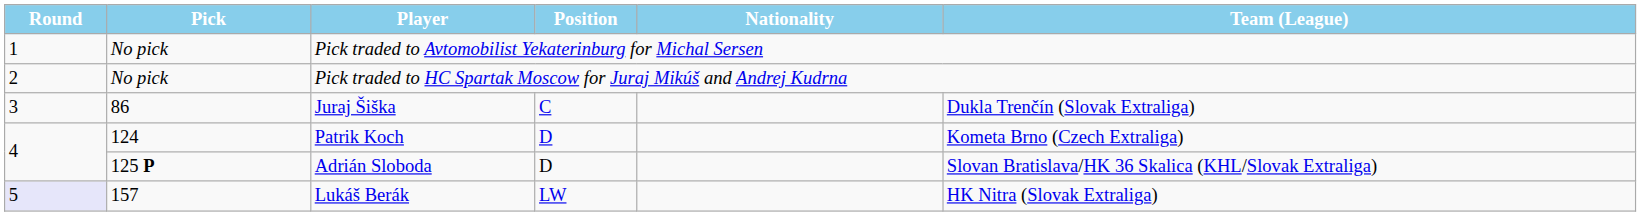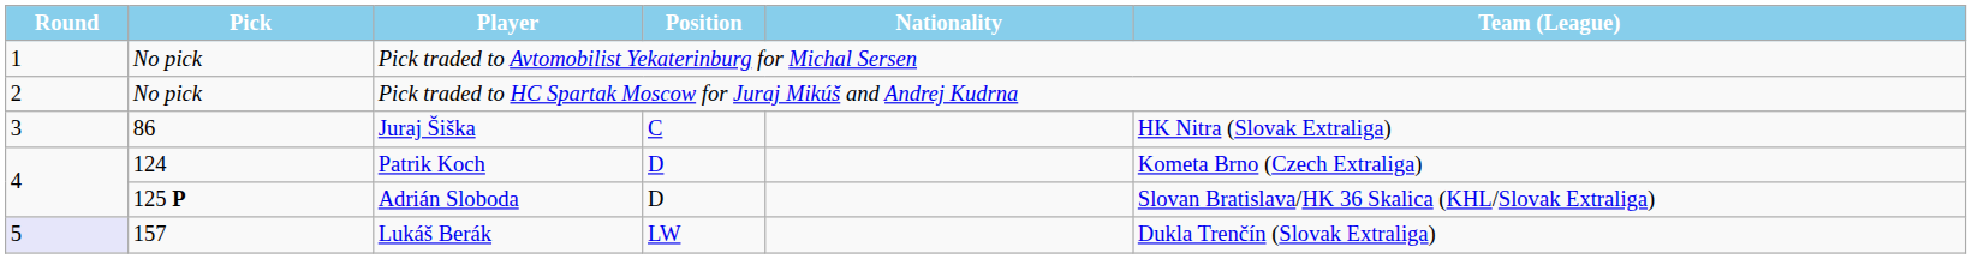 <table class="wikitable sortable sortable">
 <tr>
 <th style="background:#87CEEB; color:#FFFFFF; width:5%;">Round</th>
 <th style="background:#87CEEB; color:#FFFFFF; width:10%;">Pick</th>
 <th style="background:#87CEEB; color:#FFFFFF; width:11%;">Player</th>
 <th style="background:#87CEEB; color:#FFFFFF; width:5%;">Position</th>
 <th style="background:#87CEEB; color:#FFFFFF; width:15%;">Nationality</th>
 <th style="background:#87CEEB; color:#FFFFFF; width:34%;">Team (League)</th>
 </tr>
 <tr>
 <td>1</td>
 <td><em>No pick</em></td>
 <td colspan=4><em>Pick traded to <a href='#'>Avtomobilist Yekaterinburg</a> for <a href='#'>Michal Sersen</a></em> </td>
 </tr>
 <tr>
 <td>2</td>
 <td><em>No pick</em></td>
 <td colspan=4><em>Pick traded to <a href='#'>HC Spartak Moscow</a> for <a href='#'>Juraj Mikúš</a> and <a href='#'>Andrej Kudrna</a></em> </td>
 </tr>
 <tr>
 <td>3</td>
 <td>86</td>
 <td><a href='#'>Juraj Šiška</a></td>
 <td><a href='#'>C</a></td>
 <td></td>
-<td><a href='#'>Dukla Trenčín</a> (<a href='#'>Slovak Extraliga</a>)</td>
+<td><a href='#'>HK Nitra</a> (<a href='#'>Slovak Extraliga</a>)</td>
 </tr>
 <tr>
 <td rowspan=2>4</td>
 <td>124</td>
 <td><a href='#'>Patrik Koch</a></td>
 <td><a href='#'>D</a></td>
 <td></td>
 <td><a href='#'>Kometa Brno</a> (<a href='#'>Czech Extraliga</a>)</td>
 </tr>
 <tr>
 <td>125 <strong>P</strong></td>
 <td><a href='#'>Adrián Sloboda</a></td>
 <td>D</td>
 <td></td>
 <td><a href='#'>Slovan Bratislava</a>/<a href='#'>HK 36 Skalica</a> (<a href='#'>KHL</a>/<a href='#'>Slovak Extraliga</a>)</td>
 </tr>
 <tr>
 <td style="background: lavender;">5</td>
 <td>157</td>
 <td><a href='#'>Lukáš Berák</a></td>
 <td><a href='#'>LW</a></td>
 <td></td>
-<td><a href='#'>HK Nitra</a> (<a href='#'>Slovak Extraliga</a>)</td>
+<td><a href='#'>Dukla Trenčín</a> (<a href='#'>Slovak Extraliga</a>)</td>
 </tr>
 </table>
